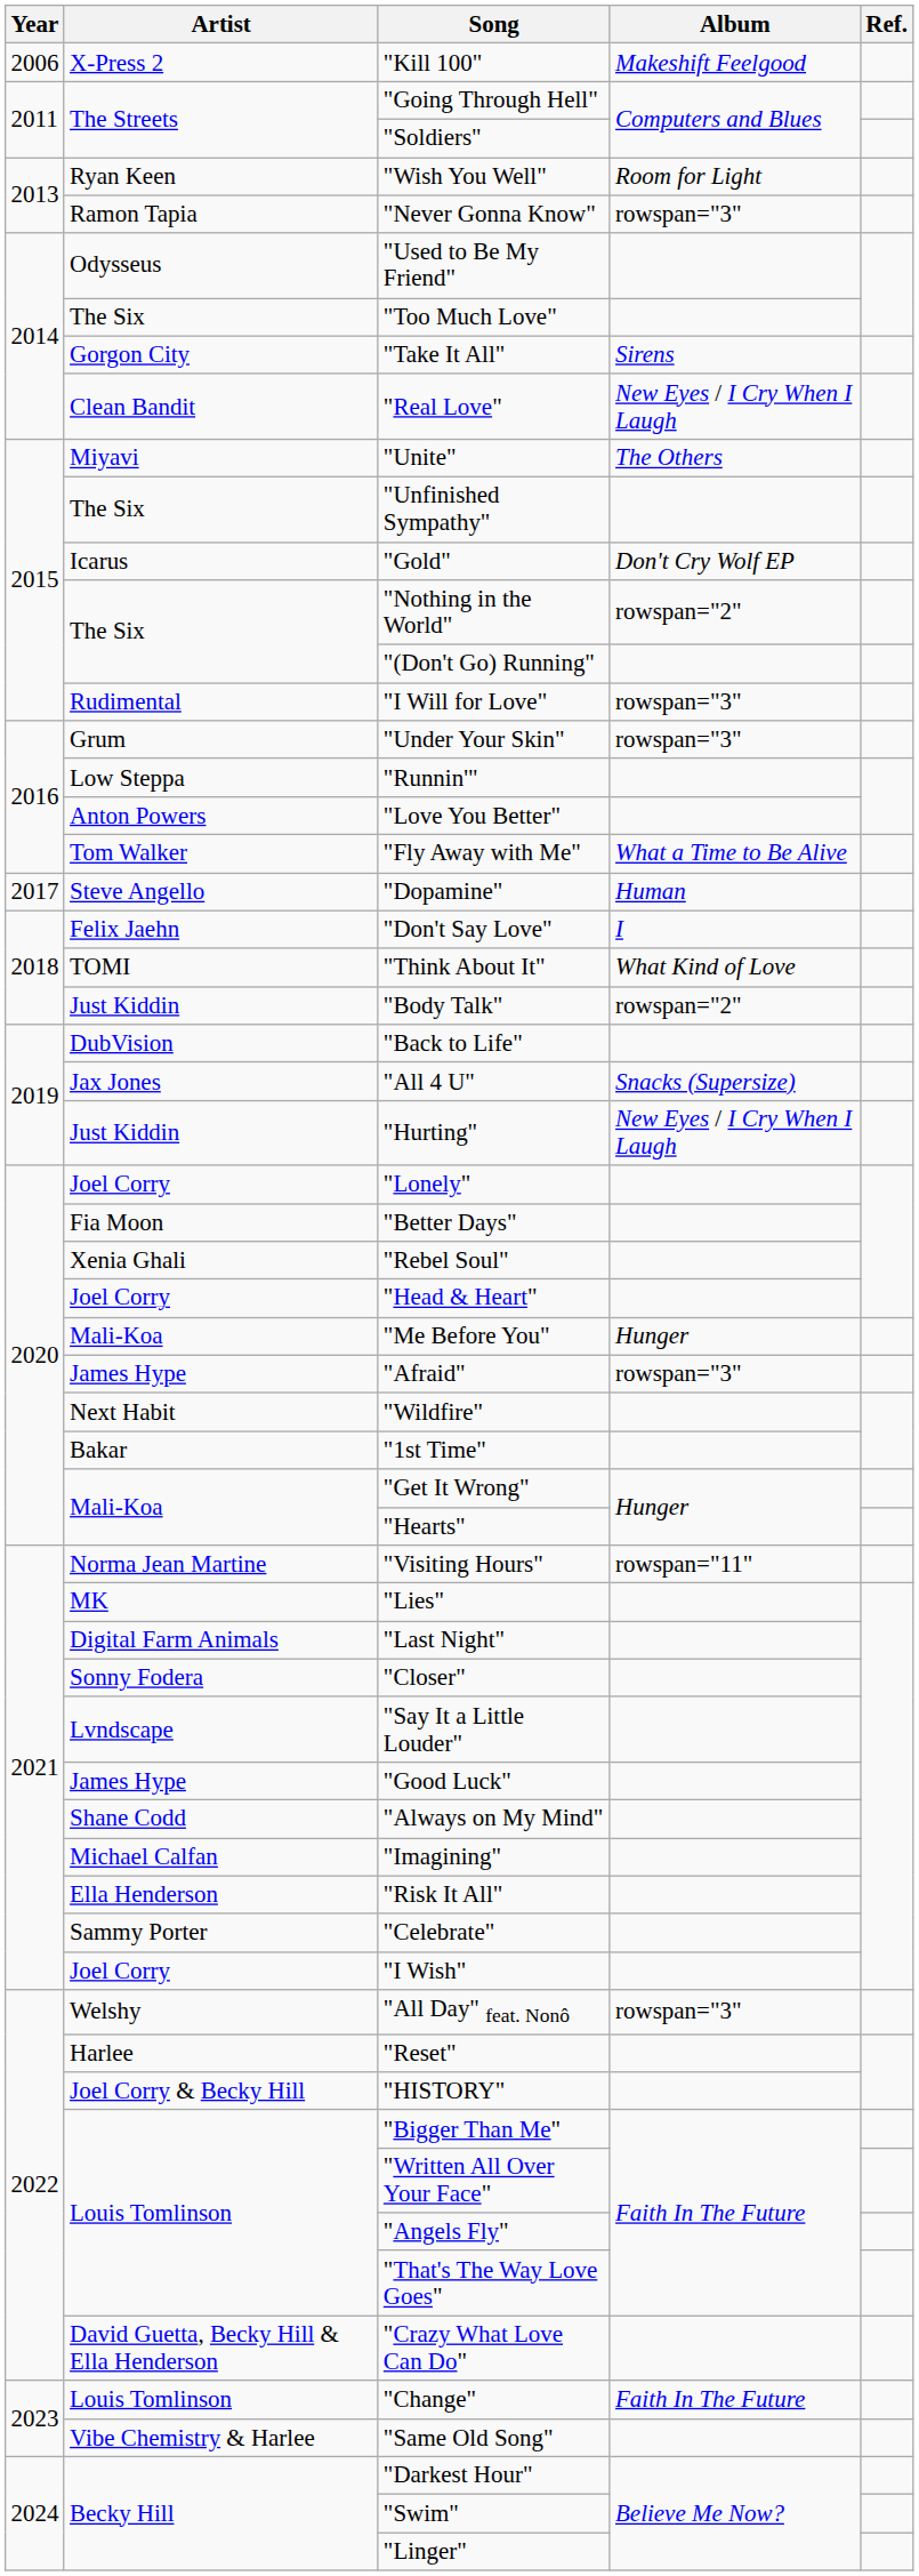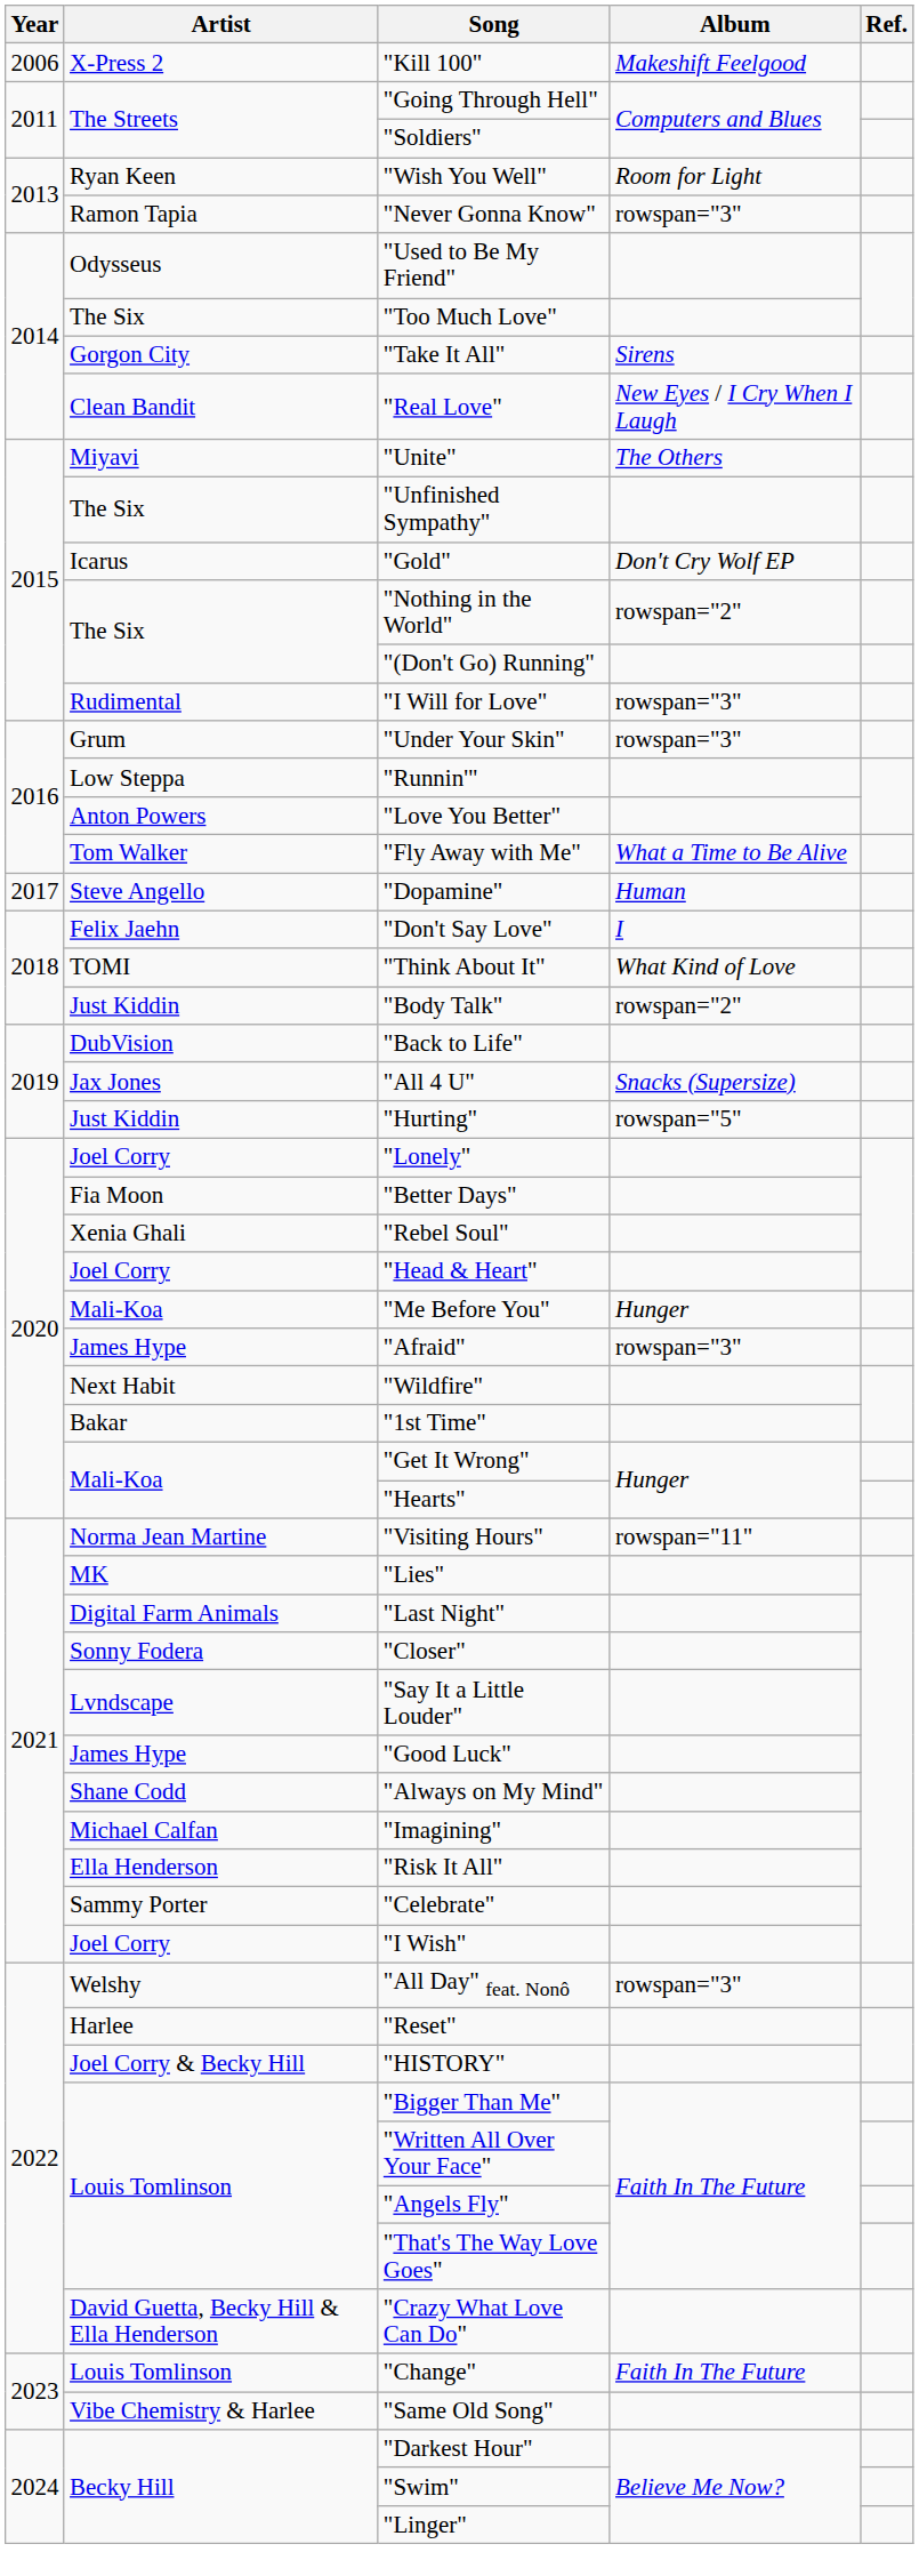 <table class="wikitable">
 <tr>
 <th>Year</th>
 <th>Artist</th>
 <th>Song</th>
 <th>Album</th>
 <th>Ref.</th>
 </tr>
 <tr>
 <td>2006</td>
 <td><a href='#'>X-Press 2</a></td>
 <td>"Kill 100" </td>
 <td><em><a href='#'>Makeshift Feelgood</a></em></td>
 <td></td>
 </tr>
 <tr>
 <td rowspan="2">2011</td>
 <td rowspan="2"><a href='#'>The Streets</a></td>
 <td>"Going Through Hell" </td>
 <td rowspan="2"><em><a href='#'>Computers and Blues</a></em></td>
 <td></td>
 </tr>
 <tr>
 <td>"Soldiers" </td>
 <td></td>
 </tr>
 <tr>
 <td rowspan="2">2013</td>
 <td>Ryan Keen</td>
 <td>"Wish You Well"</td>
 <td><em>Room for Light</em></td>
 <td></td>
 </tr>
 <tr>
 <td>Ramon Tapia</td>
 <td>"Never Gonna Know" </td>
 <td>rowspan="3" </td>
 <td></td>
 </tr>
 <tr>
 <td rowspan="4">2014</td>
 <td>Odysseus</td>
 <td>"Used to Be My Friend" </td>
 <td></td>
 </tr>
 <tr>
 <td>The Six</td>
 <td>"Too Much Love"</td>
 <td></td>
 </tr>
 <tr>
 <td><a href='#'>Gorgon City</a></td>
 <td>"Take It All" </td>
 <td><em><a href='#'>Sirens</a></em></td>
 <td></td>
 </tr>
 <tr>
 <td><a href='#'>Clean Bandit</a></td>
 <td>"<a href='#'>Real Love</a>" </td>
 <td><em><a href='#'>New Eyes</a></em> / <em><a href='#'>I Cry When I Laugh</a></em></td>
 <td></td>
 </tr>
 <tr>
 <td rowspan="6">2015</td>
 <td><a href='#'>Miyavi</a></td>
 <td>"Unite" </td>
 <td><em><a href='#'>The Others</a></em></td>
 <td></td>
 </tr>
 <tr>
 <td>The Six</td>
 <td>"Unfinished Sympathy" </td>
 <td></td>
 <td></td>
 </tr>
 <tr>
 <td>Icarus</td>
 <td>"Gold"</td>
 <td><em>Don't Cry Wolf EP</em></td>
 <td></td>
 </tr>
 <tr>
 <td rowspan="2">The Six</td>
 <td>"Nothing in the World"</td>
 <td>rowspan="2" </td>
 <td></td>
 </tr>
 <tr>
 <td>"(Don't Go) Running"</td>
 <td></td>
 </tr>
 <tr>
 <td><a href='#'>Rudimental</a></td>
 <td>"I Will for Love" </td>
 <td>rowspan="3" </td>
 <td></td>
 </tr>
 <tr>
 <td rowspan="4">2016</td>
 <td>Grum</td>
 <td>"Under Your Skin" </td>
 <td>rowspan="3" </td>
 <td></td>
 </tr>
 <tr>
 <td>Low Steppa</td>
 <td>"Runnin'" </td>
 <td></td>
 </tr>
 <tr>
 <td><a href='#'>Anton Powers</a></td>
 <td>"Love You Better" </td>
 <td></td>
 </tr>
 <tr>
 <td><a href='#'>Tom Walker</a></td>
 <td>"Fly Away with Me"</td>
 <td><em><a href='#'>What a Time to Be Alive</a></em></td>
 <td></td>
 </tr>
 <tr>
 <td>2017</td>
 <td><a href='#'>Steve Angello</a></td>
 <td>"Dopamine" </td>
 <td><em><a href='#'>Human</a></em></td>
 <td></td>
 </tr>
 <tr>
 <td rowspan="3">2018</td>
 <td><a href='#'>Felix Jaehn</a></td>
 <td>"Don't Say Love" </td>
 <td><em><a href='#'>I</a></em></td>
 <td></td>
 </tr>
 <tr>
 <td>TOMI</td>
 <td>"Think About It"</td>
 <td><em>What Kind of Love</em></td>
 <td></td>
 </tr>
 <tr>
 <td><a href='#'>Just Kiddin</a></td>
 <td>"Body Talk"</td>
 <td>rowspan="2" </td>
 <td></td>
 </tr>
 <tr>
 <td rowspan="3">2019</td>
 <td><a href='#'>DubVision</a></td>
 <td>"Back to Life" </td>
 <td></td>
 </tr>
 <tr>
 <td><a href='#'>Jax Jones</a></td>
 <td>"All 4 U"</td>
 <td><em><a href='#'>Snacks (Supersize)</a></em></td>
 <td></td>
 </tr>
 <tr>
 <td><a href='#'>Just Kiddin</a></td>
 <td>"Hurting"</td>
-<td><em><a href='#'>New Eyes</a></em> / <em><a href='#'>I Cry When I Laugh</a></em></td>
+<td>rowspan="5" </td>
 <td></td>
 </tr>
 <tr>
 <td rowspan="10">2020</td>
 <td><a href='#'>Joel Corry</a></td>
 <td>"<a href='#'>Lonely</a>"</td>
 <td></td>
 </tr>
 <tr>
 <td>Fia Moon</td>
 <td>"Better Days"</td>
 <td></td>
 </tr>
 <tr>
 <td>Xenia Ghali</td>
 <td>"Rebel Soul"</td>
 <td></td>
 </tr>
 <tr>
 <td><a href='#'>Joel Corry</a></td>
 <td>"<a href='#'>Head & Heart</a>" </td>
 <td></td>
 </tr>
 <tr>
 <td><a href='#'>Mali-Koa</a></td>
 <td>"Me Before You"</td>
 <td><em>Hunger</em></td>
 <td></td>
 </tr>
 <tr>
 <td><a href='#'>James Hype</a></td>
 <td>"Afraid" </td>
 <td>rowspan="3" </td>
 <td></td>
 </tr>
 <tr>
 <td>Next Habit</td>
 <td>"Wildfire"</td>
 <td></td>
 </tr>
 <tr>
 <td>Bakar</td>
 <td>"1st Time"</td>
 <td></td>
 </tr>
 <tr>
 <td rowspan="2"><a href='#'>Mali-Koa</a></td>
 <td>"Get It Wrong"</td>
 <td rowspan="2"><em>Hunger</em></td>
 <td></td>
 </tr>
 <tr>
 <td>"Hearts"</td>
 <td></td>
 </tr>
 <tr>
 <td rowspan="11">2021</td>
 <td><a href='#'>Norma Jean Martine</a></td>
 <td>"Visiting Hours"</td>
 <td>rowspan="11" </td>
 <td></td>
 </tr>
 <tr>
 <td><a href='#'>MK</a></td>
 <td>"Lies" </td>
 <td></td>
 </tr>
 <tr>
 <td><a href='#'>Digital Farm Animals</a></td>
 <td>"Last Night" </td>
 <td></td>
 </tr>
 <tr>
 <td><a href='#'>Sonny Fodera</a></td>
 <td>"Closer" </td>
 <td></td>
 </tr>
 <tr>
 <td><a href='#'>Lvndscape</a></td>
 <td>"Say It a Little Louder" </td>
 <td></td>
 </tr>
 <tr>
 <td><a href='#'>James Hype</a></td>
 <td>"Good Luck" </td>
 <td></td>
 </tr>
 <tr>
 <td><a href='#'>Shane Codd</a></td>
 <td>"Always on My Mind" </td>
 <td></td>
 </tr>
 <tr>
 <td><a href='#'>Michael Calfan</a></td>
 <td>"Imagining" </td>
 <td></td>
 </tr>
 <tr>
 <td><a href='#'>Ella Henderson</a></td>
 <td>"Risk It All" </td>
 <td></td>
 </tr>
 <tr>
 <td>Sammy Porter</td>
 <td>"Celebrate" </td>
 <td></td>
 </tr>
 <tr>
 <td><a href='#'>Joel Corry</a></td>
 <td>"I Wish" </td>
 <td></td>
 </tr>
 <tr>
 <td rowspan="8">2022</td>
 <td>Welshy</td>
 <td>"All Day" <sub>feat. Nonô</sub></td>
 <td>rowspan="3" </td>
 <td></td>
 </tr>
 <tr>
 <td>Harlee</td>
 <td>"Reset"</td>
 <td></td>
 </tr>
 <tr>
 <td><a href='#'>Joel Corry</a> & <a href='#'>Becky Hill</a></td>
 <td>"HISTORY"</td>
 <td></td>
 </tr>
 <tr>
 <td rowspan="4"><a href='#'>Louis Tomlinson</a></td>
 <td>"<a href='#'>Bigger Than Me</a>"</td>
 <td rowspan="4"><a href='#'><em>Faith In The Future</em></a></td>
 <td></td>
 </tr>
 <tr>
 <td>"<a href='#'>Written All Over Your Face</a>"</td>
 <td></td>
 </tr>
 <tr>
 <td>"<a href='#'>Angels Fly</a>"</td>
 <td></td>
 </tr>
 <tr>
 <td>"<a href='#'>That's The Way Love Goes</a>"</td>
 <td></td>
 </tr>
 <tr>
 <td><a href='#'>David Guetta</a>, <a href='#'>Becky Hill</a> & <a href='#'>Ella Henderson</a></td>
 <td>"<a href='#'>Crazy What Love Can Do</a>"</td>
 <td></td>
 <td></td>
 </tr>
 <tr>
 <td rowspan="2">2023</td>
 <td><a href='#'>Louis Tomlinson</a></td>
 <td>"Change"</td>
 <td><a href='#'><em>Faith In The Future</em></a></td>
 <td></td>
 </tr>
 <tr>
 <td><a href='#'>Vibe Chemistry</a> & Harlee</td>
 <td>"Same Old Song"</td>
 <td></td>
 <td></td>
 </tr>
 <tr>
 <td rowspan="3">2024</td>
 <td rowspan="3"><a href='#'>Becky Hill</a></td>
 <td>"Darkest Hour"</td>
 <td rowspan="3"><a href='#'><em>Believe Me Now?</em></a></td>
 <td></td>
 </tr>
 <tr>
 <td>"Swim"</td>
 <td></td>
 </tr>
 <tr>
 <td>"Linger"</td>
 <td></td>
 </tr>
 </table>
